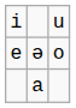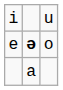 <table class="wikitable">
 <tr>
 <td>i</td>
 <td></td>
 <td>u</td>
 </tr>
 <tr>
 <td>e</td>
-<td>ə</td>
+<td><strong>ə</strong></td>
 <td>o</td>
 </tr>
 <tr>
 <td></td>
 <td>a</td>
 <td></td>
 </tr>
 </table>
